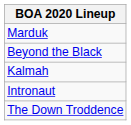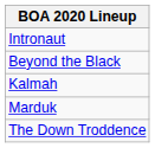 <table class="wikitable">
 <tr>
 <th>BOA 2020 Lineup</th>
 </tr>
 <tr>
-<td><a href='#'>Marduk</a></td>
+<td><a href='#'>Intronaut</a></td>
 </tr>
 <tr>
 <td><a href='#'>Beyond the Black</a></td>
 </tr>
 <tr>
 <td><a href='#'>Kalmah</a></td>
 </tr>
 <tr>
-<td><a href='#'>Intronaut</a></td>
+<td><a href='#'>Marduk</a></td>
 </tr>
 <tr>
 <td><a href='#'>The Down Troddence</a></td>
 </tr>
 </table>
